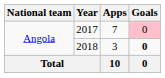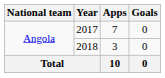 <table class="wikitable" style="text-align:center">
 <tr>
 <th>National team</th>
 <th>Year</th>
 <th>Apps</th>
 <th>Goals</th>
 </tr>
 <tr>
 <td rowspan="2"><a href='#'>Angola</a></td>
 <td>2017</td>
 <td>7</td>
-<td style="background: pink;">0</td>
+<td>0</td>
 </tr>
 <tr>
 <td>2018</td>
 <td>3</td>
-<td><strong>0</strong></td>
+<td>0</td>
 </tr>
 <tr>
 <th colspan=2>Total</th>
 <th>10</th>
 <th>0</th>
 </tr>
 </table>
